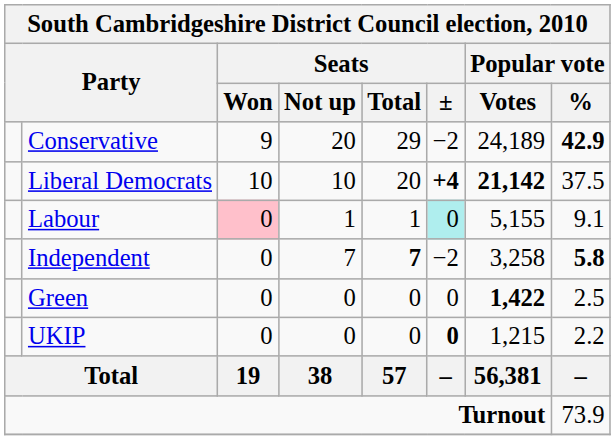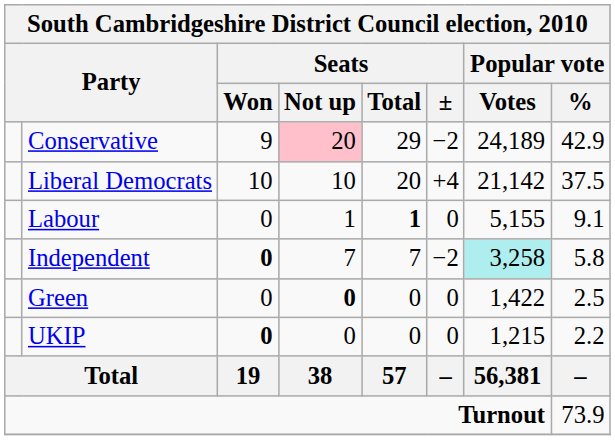 <table class="wikitable">
 <tr>
 <th colspan="8"><strong>South Cambridgeshire District Council election, 2010</strong></th>
 </tr>
 <tr>
 <th rowspan="2" colspan="2">Party</th>
 <th colspan="4">Seats</th>
 <th colspan="2">Popular vote</th>
 </tr>
 <tr>
 <th>Won</th>
 <th>Not up</th>
 <th>Total</th>
 <th>±</th>
 <th>Votes</th>
 <th>%</th>
 </tr>
 <tr>
 <td style="background-color: "> </td>
 <td><a href='#'>Conservative</a></td>
 <td align=right>9</td>
-<td align=right>20</td>
+<td align=right style="background: pink;">20</td>
 <td align=right>29</td>
 <td align=right>−2</td>
 <td align=right>24,189</td>
-<td align=right><strong>42.9</strong></td>
+<td align=right>42.9</td>
 </tr>
 <tr>
 <td style="background-color: "> </td>
 <td><a href='#'>Liberal Democrats</a></td>
 <td align=right>10</td>
 <td align=right>10</td>
 <td align=right>20</td>
-<td align=right><strong>+4</strong></td>
-<td align=right><strong>21,142</strong></td>
+<td align=right>+4</td>
+<td align=right>21,142</td>
 <td align=right>37.5</td>
 </tr>
 <tr>
 <td style="background-color: "> </td>
 <td><a href='#'>Labour</a></td>
-<td align=right style="background: pink;">0</td>
+<td align=right>0</td>
 <td align=right>1</td>
-<td align=right>1</td>
-<td align=right style="background: paleturquoise;">0</td>
+<td align=right><strong>1</strong></td>
+<td align=right>0</td>
 <td align=right>5,155</td>
 <td align=right>9.1</td>
 </tr>
 <tr>
 <td style="background-color: "> </td>
 <td><a href='#'>Independent</a></td>
-<td align=right>0</td>
+<td align=right><strong>0</strong></td>
 <td align=right>7</td>
-<td align=right><strong>7</strong></td>
+<td align=right>7</td>
 <td align=right>−2</td>
-<td align=right>3,258</td>
-<td align=right><strong>5.8</strong></td>
+<td align=right style="background: paleturquoise;">3,258</td>
+<td align=right>5.8</td>
 </tr>
 <tr>
 <td style="background-color: "> </td>
 <td><a href='#'>Green</a></td>
 <td align=right>0</td>
+<td align=right><strong>0</strong></td>
 <td align=right>0</td>
 <td align=right>0</td>
-<td align=right>0</td>
-<td align=right><strong>1,422</strong></td>
+<td align=right>1,422</td>
 <td align=right>2.5</td>
 </tr>
 <tr>
 <td style="background-color: "> </td>
 <td><a href='#'>UKIP</a></td>
+<td align=right><strong>0</strong></td>
 <td align=right>0</td>
 <td align=right>0</td>
 <td align=right>0</td>
-<td align=right><strong>0</strong></td>
 <td align=right>1,215</td>
 <td align=right>2.2</td>
 </tr>
 <tr>
 <th colspan="2">Total</th>
 <th align=right>19</th>
 <th align=right>38</th>
 <th align=right>57</th>
 <th align=right>–</th>
 <th align=right>56,381</th>
 <th align=right>–</th>
 </tr>
 <tr>
 <td colspan="7" align=right><strong>Turnout</strong></td>
 <td align=right>73.9</td>
 </tr>
 <tr>
 </tr>
 </table>
